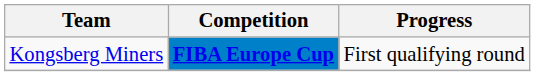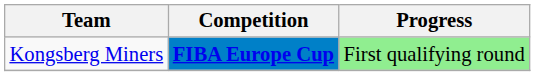 <table class="wikitable sortable">
 <tr>
 <th>Team</th>
 <th>Competition</th>
 <th>Progress</th>
 </tr>
 <tr>
 <td><a href='#'>Kongsberg Miners</a></td>
 <td style="background-color:#0080C8;color:white;text-align:center"><strong><a href='#'><span>FIBA Europe Cup</span></a></strong></td>
-<td>First qualifying round</td>
+<td style="background: lightgreen;">First qualifying round</td>
 </tr>
 <tr>
 </tr>
 </table>
